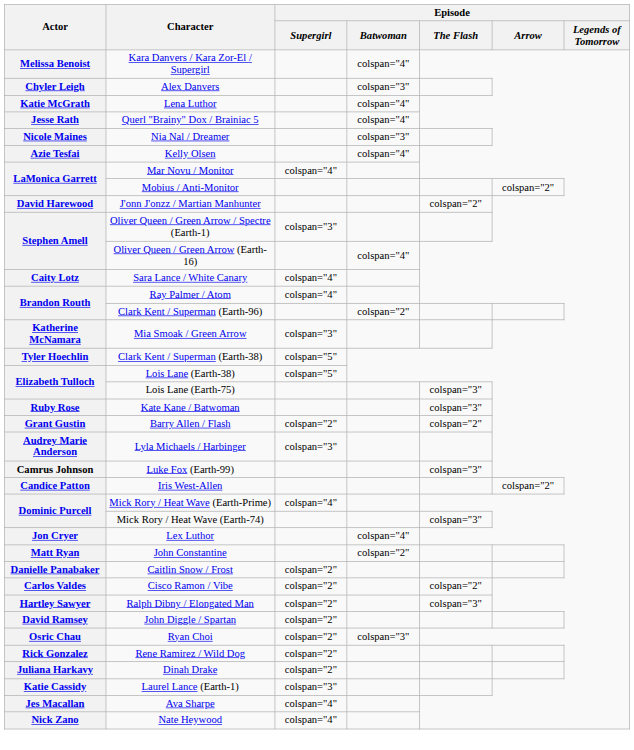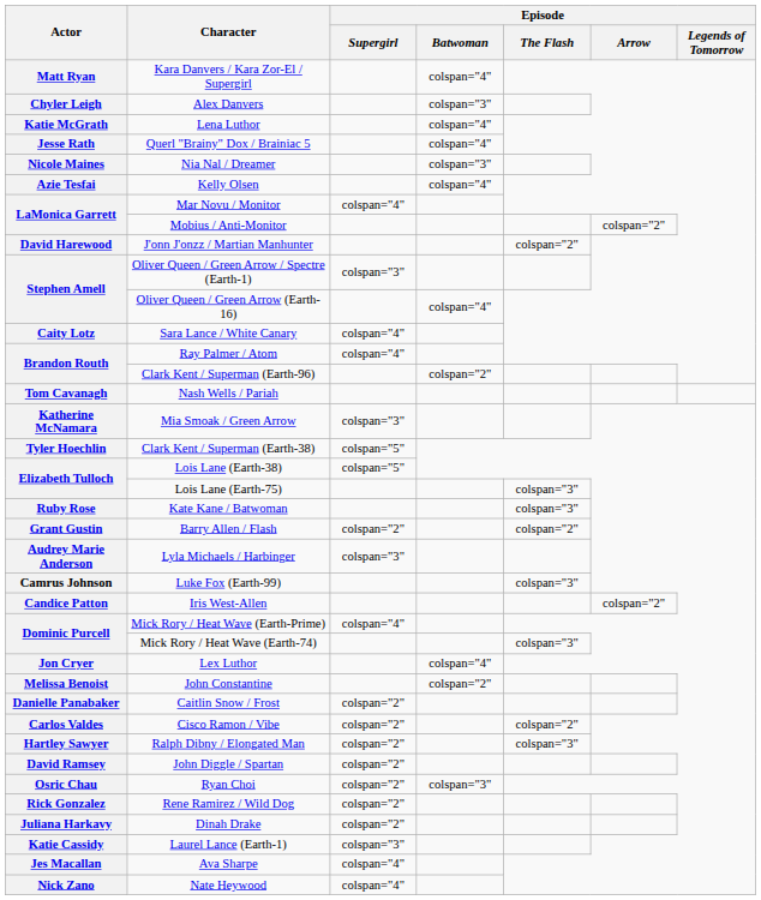 <table class="wikitable plainrowheaders" style="width:75%; text-align: center;">
 <tr>
 <th scope="col" rowspan="2" style="width: 12%;">Actor</th>
 <th scope="col" rowspan="2" style="width: 20%;">Character</th>
 <th scope="col" colspan="5">Episode</th>
 </tr>
 <tr>
 <th scope="col" style="width: 7%;"><em>Supergirl</em></th>
 <th scope="col" style="width: 7%;"><em>Batwoman</em></th>
 <th scope="col" style="width: 7%;"><em>The Flash</em></th>
 <th scope="col" style="width: 7%;"><em>Arrow</em></th>
 <th scope="col" style="width: 7%;"><em>Legends of Tomorrow</em></th>
 </tr>
 <tr>
-<th scope="row" style="text-align: center;"><a href='#'>Melissa Benoist</a></th>
+<th scope="row" style="text-align: center;"><a href='#'>Matt Ryan</a></th>
 <td><a href='#'>Kara Danvers / Kara Zor-El / Supergirl</a></td>
 <td></td>
 <td>colspan="4" </td>
 </tr>
 <tr>
 <th scope="row" style="text-align: center;"><a href='#'>Chyler Leigh</a></th>
 <td><a href='#'>Alex Danvers</a></td>
 <td></td>
 <td>colspan="3" </td>
 <td></td>
 </tr>
 <tr>
 <th scope="row" style="text-align: center;"><a href='#'>Katie McGrath</a></th>
 <td><a href='#'>Lena Luthor</a></td>
 <td></td>
 <td>colspan="4" </td>
 </tr>
 <tr>
 <th scope="row" style="text-align: center;"><a href='#'>Jesse Rath</a></th>
 <td><a href='#'>Querl "Brainy" Dox / Brainiac 5</a></td>
 <td></td>
 <td>colspan="4" </td>
 </tr>
 <tr>
 <th scope="row" style="text-align: center;"><a href='#'>Nicole Maines</a></th>
 <td><a href='#'>Nia Nal / Dreamer</a></td>
 <td></td>
 <td>colspan="3" </td>
 <td></td>
 </tr>
 <tr>
 <th scope="row" style="text-align: center;"><a href='#'>Azie Tesfai</a></th>
 <td><a href='#'>Kelly Olsen</a></td>
 <td></td>
 <td>colspan="4" </td>
 </tr>
 <tr>
 <th scope="row" rowspan="2" style="text-align: center;"><a href='#'>LaMonica Garrett</a></th>
 <td><a href='#'>Mar Novu / Monitor</a></td>
 <td>colspan="4" </td>
 <td></td>
 </tr>
 <tr>
 <td><a href='#'>Mobius / Anti-Monitor</a></td>
 <td></td>
 <td></td>
 <td></td>
 <td>colspan="2" </td>
 </tr>
 <tr>
 <th scope="row" style="text-align: center;"><a href='#'>David Harewood</a></th>
 <td><a href='#'>J'onn J'onzz / Martian Manhunter</a></td>
 <td></td>
 <td></td>
 <td>colspan="2" </td>
 </tr>
 <tr>
 <th scope="row" rowspan="2" style="text-align: center;"><a href='#'>Stephen Amell</a></th>
 <td><a href='#'>Oliver Queen / Green Arrow / Spectre</a> (Earth-1)</td>
 <td>colspan="3" </td>
 <td></td>
 <td></td>
 </tr>
 <tr>
 <td><a href='#'>Oliver Queen / Green Arrow</a> (Earth-16)</td>
 <td></td>
 <td>colspan="4" </td>
 </tr>
 <tr>
 <th scope="row" style="text-align: center;"><a href='#'>Caity Lotz</a></th>
 <td><a href='#'>Sara Lance / White Canary</a></td>
 <td>colspan="4" </td>
 <td></td>
 </tr>
 <tr>
 <th scope="row" rowspan="2" style="text-align: center;"><a href='#'>Brandon Routh</a></th>
 <td><a href='#'>Ray Palmer / Atom</a></td>
 <td>colspan="4" </td>
 <td></td>
 </tr>
 <tr>
 <td><a href='#'>Clark Kent / Superman</a> (Earth-96)</td>
 <td></td>
 <td>colspan="2" </td>
 <td></td>
 <td></td>
 </tr>
 <tr>
+<th scope="row" style="text-align: center;"><a href='#'>Tom Cavanagh</a></th>
+<td><a href='#'>Nash Wells / Pariah</a></td>
+<td></td>
+<td></td>
+<td></td>
+<td></td>
+<td></td>
+</tr>
+<tr>
 <th scope="row" style="text-align: center;"><a href='#'>Katherine McNamara</a></th>
 <td><a href='#'>Mia Smoak / Green Arrow</a></td>
 <td>colspan="3" </td>
 <td></td>
 <td></td>
 </tr>
 <tr>
 <th scope="row" style="text-align: center;"><a href='#'>Tyler Hoechlin</a></th>
 <td><a href='#'>Clark Kent / Superman</a> (Earth-38)</td>
 <td>colspan="5" </td>
 </tr>
 <tr>
 <th scope="row" rowspan="2" style="text-align: center;"><a href='#'>Elizabeth Tulloch</a></th>
 <td><a href='#'>Lois Lane</a> (Earth-38)</td>
 <td>colspan="5" </td>
 </tr>
 <tr>
 <td>Lois Lane (Earth-75)</td>
 <td></td>
 <td></td>
 <td>colspan="3" </td>
 </tr>
 <tr>
 <th scope="row" style="text-align: center;"><a href='#'>Ruby Rose</a></th>
 <td><a href='#'>Kate Kane / Batwoman</a></td>
 <td></td>
 <td></td>
 <td>colspan="3" </td>
 </tr>
 <tr>
 <th scope="row" style="text-align: center;"><a href='#'>Grant Gustin</a></th>
 <td><a href='#'>Barry Allen / Flash</a></td>
 <td>colspan="2" </td>
 <td></td>
 <td>colspan="2" </td>
 </tr>
 <tr>
 <th scope="row" style="text-align: center;"><a href='#'>Audrey Marie Anderson</a></th>
 <td><a href='#'>Lyla Michaels / Harbinger</a></td>
 <td>colspan="3" </td>
 <td></td>
 <td><br></td>
 </tr>
 <tr>
 <th scope="row" style="text-align: center;">Camrus Johnson</th>
 <td><a href='#'>Luke Fox</a> (Earth-99)</td>
 <td></td>
 <td></td>
 <td>colspan="3" </td>
 </tr>
 <tr>
 <th scope="row" style="text-align: center;"><a href='#'>Candice Patton</a></th>
 <td><a href='#'>Iris West-Allen</a></td>
 <td></td>
 <td></td>
 <td></td>
 <td>colspan="2" </td>
 </tr>
 <tr>
 <th scope="row" rowspan="2" style="text-align: center;"><a href='#'>Dominic Purcell</a></th>
 <td><a href='#'>Mick Rory / Heat Wave</a> (Earth-Prime)</td>
 <td>colspan="4" </td>
 <td></td>
 </tr>
 <tr>
 <td>Mick Rory / Heat Wave (Earth-74)</td>
 <td></td>
 <td></td>
 <td>colspan="3" </td>
 </tr>
 <tr>
 <th scope="row" style="text-align: center;"><a href='#'>Jon Cryer</a></th>
 <td><a href='#'>Lex Luthor</a></td>
 <td></td>
 <td>colspan="4" </td>
 </tr>
 <tr>
-<th scope="row" style="text-align: center;"><a href='#'>Matt Ryan</a></th>
+<th scope="row" style="text-align: center;"><a href='#'>Melissa Benoist</a></th>
 <td><a href='#'>John Constantine</a></td>
 <td></td>
 <td>colspan="2" </td>
 <td></td>
 <td><br></td>
 </tr>
 <tr>
 <th scope="row" style="text-align: center;"><a href='#'>Danielle Panabaker</a></th>
 <td><a href='#'>Caitlin Snow / Frost</a></td>
 <td>colspan="2" </td>
 <td></td>
 <td></td>
 <td></td>
 </tr>
 <tr>
 <th scope="row" style="text-align: center;"><a href='#'>Carlos Valdes</a></th>
 <td><a href='#'>Cisco Ramon / Vibe</a></td>
 <td>colspan="2" </td>
 <td></td>
 <td>colspan="2" </td>
 </tr>
 <tr>
 <th scope="row" style="text-align: center;"><a href='#'>Hartley Sawyer</a></th>
 <td><a href='#'>Ralph Dibny / Elongated Man</a></td>
 <td>colspan="2" </td>
 <td></td>
 <td>colspan="3" </td>
 </tr>
 <tr>
 <th scope="row" style="text-align: center;"><a href='#'>David Ramsey</a></th>
 <td><a href='#'>John Diggle / Spartan</a></td>
 <td>colspan="2" </td>
 <td></td>
 <td></td>
 <td></td>
 </tr>
 <tr>
 <th scope="row" style="text-align: center;"><a href='#'>Osric Chau</a></th>
 <td><a href='#'>Ryan Choi</a></td>
 <td>colspan="2" </td>
 <td>colspan="3" <br></td>
 </tr>
 <tr>
 <th scope="row" style="text-align: center;"><a href='#'>Rick Gonzalez</a></th>
 <td><a href='#'>Rene Ramirez / Wild Dog</a></td>
 <td>colspan="2" </td>
 <td></td>
 <td></td>
 <td></td>
 </tr>
 <tr>
 <th scope="row" style="text-align: center;"><a href='#'>Juliana Harkavy</a></th>
 <td><a href='#'>Dinah Drake</a></td>
 <td>colspan="2" </td>
 <td></td>
 <td></td>
 <td></td>
 </tr>
 <tr>
 <th scope="row" style="text-align: center;"><a href='#'>Katie Cassidy</a></th>
 <td><a href='#'>Laurel Lance</a> (Earth-1)</td>
 <td>colspan="3" </td>
 <td></td>
 <td><br></td>
 </tr>
 <tr>
 <th scope="row" style="text-align: center;"><a href='#'>Jes Macallan</a></th>
 <td><a href='#'>Ava Sharpe</a></td>
 <td>colspan="4" </td>
 <td></td>
 </tr>
 <tr>
 <th scope="row" style="text-align: center;"><a href='#'>Nick Zano</a></th>
 <td><a href='#'>Nate Heywood</a></td>
 <td>colspan="4" </td>
 <td><br></td>
 </tr>
 </table>
